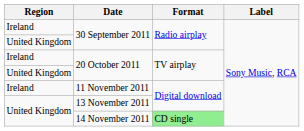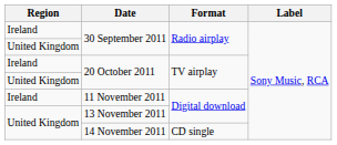 <table class="wikitable">
 <tr>
 <th scope="col">Region</th>
 <th scope="col">Date</th>
 <th scope="col">Format</th>
 <th scope="col">Label</th>
 </tr>
 <tr>
 <td>Ireland</td>
 <td rowspan="2">30 September 2011</td>
 <td rowspan="2"><a href='#'>Radio airplay</a></td>
 <td rowspan="7"><a href='#'>Sony Music</a>, <a href='#'>RCA</a></td>
 </tr>
 <tr>
 <td>United Kingdom</td>
 </tr>
 <tr>
 <td>Ireland</td>
 <td rowspan="2">20 October 2011</td>
 <td rowspan="2">TV airplay</td>
 </tr>
 <tr>
 <td>United Kingdom</td>
 </tr>
 <tr>
 <td>Ireland</td>
 <td>11 November 2011</td>
 <td rowspan="2"><a href='#'>Digital download</a></td>
 </tr>
 <tr>
 <td rowspan="2">United Kingdom</td>
 <td>13 November 2011</td>
 </tr>
 <tr>
 <td>14 November 2011</td>
-<td style="background: lightgreen;">CD single</td>
+<td>CD single</td>
 </tr>
 </table>
